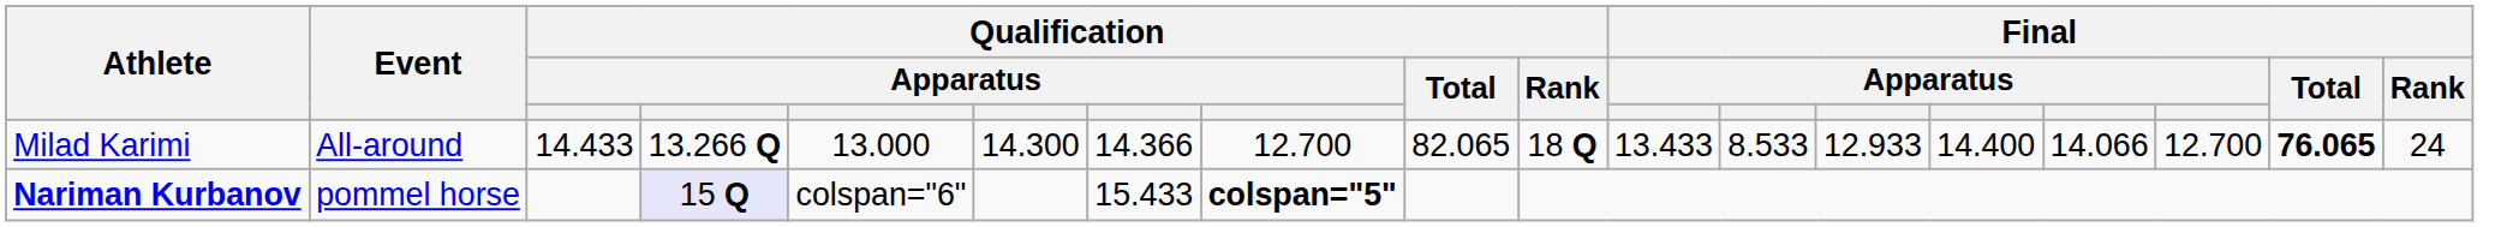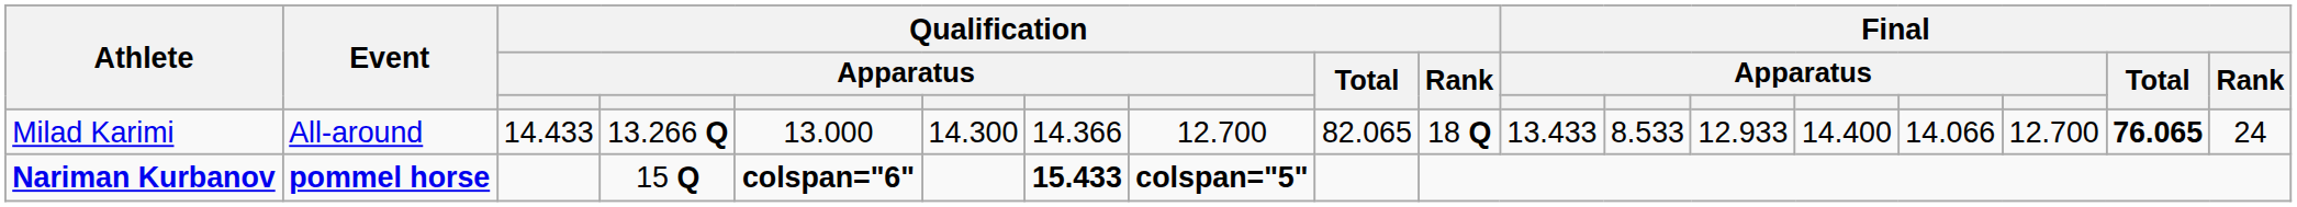 <table class="wikitable" style="font-size:90%">
 <tr>
 <th rowspan=3>Athlete</th>
 <th rowspan=3>Event</th>
 <th colspan =8>Qualification</th>
 <th colspan =8>Final</th>
 </tr>
 <tr style="font-size:95%">
 <th colspan=6>Apparatus</th>
 <th rowspan=2>Total</th>
 <th rowspan=2>Rank</th>
 <th colspan=6>Apparatus</th>
 <th rowspan=2>Total</th>
 <th rowspan=2>Rank</th>
 </tr>
 <tr style="font-size:95%">
 <th></th>
 <th></th>
 <th></th>
 <th></th>
 <th></th>
 <th></th>
 <th></th>
 <th></th>
 <th></th>
 <th></th>
 <th></th>
 <th></th>
 </tr>
 <tr align=center>
 <td align=left><a href='#'>Milad Karimi</a></td>
 <td align=left rowspan=1><a href='#'>All-around</a></td>
 <td>14.433</td>
 <td>13.266 <strong>Q</strong></td>
 <td>13.000</td>
 <td>14.300</td>
 <td>14.366</td>
 <td>12.700</td>
 <td>82.065</td>
 <td>18 <strong>Q</strong></td>
 <td>13.433</td>
 <td>8.533</td>
 <td>12.933</td>
 <td>14.400</td>
 <td>14.066</td>
 <td>12.700</td>
 <td><strong>76.065</strong></td>
 <td>24</td>
 </tr>
 <tr align=center>
 <td align=left><strong><a href='#'>Nariman Kurbanov</a></strong></td>
-<td align=left rowspan=1><a href='#'>pommel horse</a></td>
+<td align=left rowspan=1><strong><a href='#'>pommel horse</a></strong></td>
 <td></td>
-<td style="background: lavender;">15 <strong>Q</strong></td>
-<td>colspan="6" </td>
+<td>15 <strong>Q</strong></td>
+<td><strong>colspan="6" </strong></td>
 <td></td>
-<td>15.433</td>
+<td><strong>15.433</strong></td>
 <td><strong>colspan="5" </strong></td>
 <td></td>
 </tr>
 </table>
